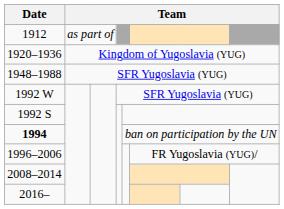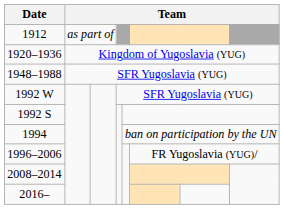 <table class="wikitable" style="text-align:center; font-size:90%;">
 <tr>
 <th>Date</th>
 <th colspan=7>Team</th>
 </tr>
 <tr>
 <td>1912</td>
 <td colspan=2><em>as part of </em></td>
 <td colspan=2 style="background:darkgray"></td>
 <td colspan=2 style="background:moccasin"></td>
 <td style="background:darkgray"></td>
 </tr>
 <tr>
 <td>1920–1936</td>
 <td colspan=7> <a href='#'>Kingdom of Yugoslavia</a> <small>(YUG)</small></td>
 </tr>
 <tr>
 <td>1948–1988</td>
 <td colspan=7> <a href='#'>SFR Yugoslavia</a> <small>(YUG)</small></td>
 </tr>
 <tr>
 <td>1992 W</td>
 <td rowspan=6></td>
 <td rowspan=6></td>
 <td colspan=5> <a href='#'>SFR Yugoslavia</a> <small>(YUG)</small></td>
 </tr>
 <tr>
 <td>1992 S</td>
 <td rowspan=5></td>
 <td colspan=4></td>
 </tr>
 <tr>
-<td><strong>1994</strong></td>
+<td>1994</td>
 <td colspan=4><em>ban on participation by the UN</em></td>
 </tr>
 <tr>
 <td>1996–2006</td>
 <td rowspan=3></td>
 <td colspan=3> FR Yugoslavia <small>(YUG)</small>/<br></td>
 </tr>
 <tr>
 <td>2008–2014</td>
 <td colspan=2 style="background:moccasin"></td>
 <td rowspan=2></td>
 </tr>
 <tr>
 <td>2016–</td>
 <td rowspan=1 style="background:moccasin"></td>
 <td rowspan=1></td>
 </tr>
 </table>
